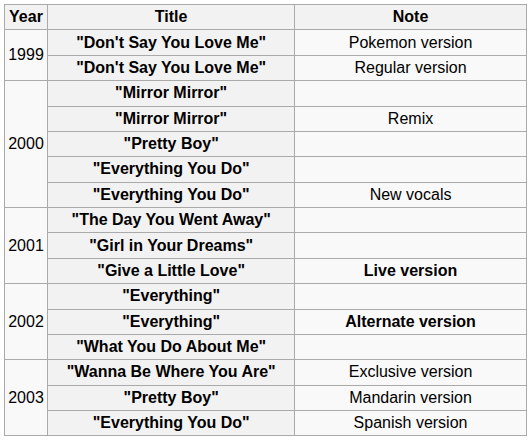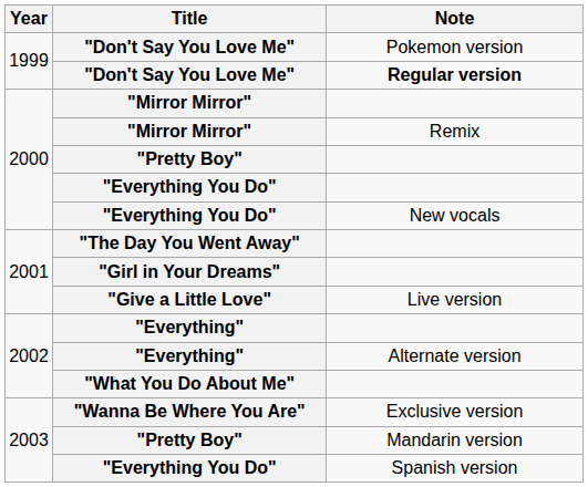 <table class="wikitable plainrowheaders" style="text-align:center;">
 <tr>
 <th>Year</th>
 <th style="width:15em;">Title</th>
 <th style="width:14em;">Note</th>
 </tr>
 <tr>
 <td rowspan="2">1999</td>
 <th scope="row">"Don't Say You Love Me"</th>
 <td>Pokemon version</td>
 </tr>
 <tr>
 <th scope="row">"Don't Say You Love Me"</th>
-<td>Regular version</td>
+<td><strong>Regular version</strong></td>
 </tr>
 <tr>
 <td rowspan="5">2000</td>
 <th scope="row">"Mirror Mirror"</th>
 <td></td>
 </tr>
 <tr>
 <th scope="row">"Mirror Mirror"</th>
 <td>Remix</td>
 </tr>
 <tr>
 <th scope="row">"Pretty Boy"</th>
 <td></td>
 </tr>
 <tr>
 <th scope="row">"Everything You Do"</th>
 <td></td>
 </tr>
 <tr>
 <th scope="row">"Everything You Do"</th>
 <td>New vocals</td>
 </tr>
 <tr>
 <td rowspan="3">2001</td>
 <th scope="row">"The Day You Went Away"</th>
 <td></td>
 </tr>
 <tr>
 <th scope="row">"Girl in Your Dreams"</th>
 <td></td>
 </tr>
 <tr>
 <th scope="row">"Give a Little Love"</th>
-<td><strong>Live version</strong></td>
+<td>Live version</td>
 </tr>
 <tr>
 <td rowspan="3">2002</td>
 <th scope="row">"Everything"</th>
 <td></td>
 </tr>
 <tr>
 <th scope="row">"Everything"</th>
-<td><strong>Alternate version</strong></td>
+<td>Alternate version</td>
 </tr>
 <tr>
 <th scope="row">"What You Do About Me"</th>
 <td></td>
 </tr>
 <tr>
 <td rowspan="3">2003</td>
 <th scope="row">"Wanna Be Where You Are"</th>
 <td>Exclusive version</td>
 </tr>
 <tr>
 <th scope="row">"Pretty Boy"</th>
 <td>Mandarin version</td>
 </tr>
 <tr>
 <th scope="row">"Everything You Do"</th>
 <td>Spanish version</td>
 </tr>
 </table>
